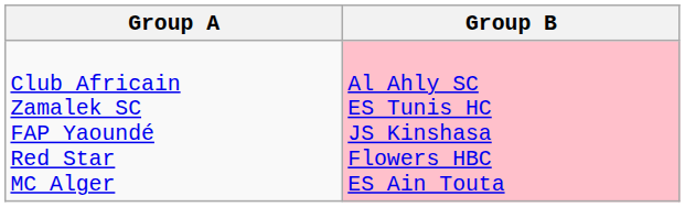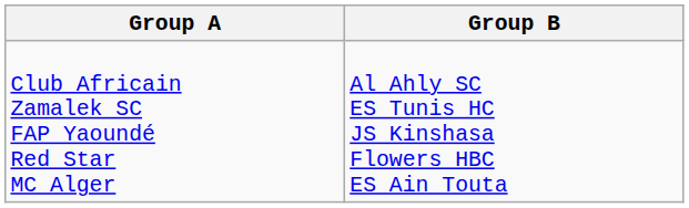 <table class="wikitable">
 <tr>
 <th width=195px>Group A</th>
 <th width=195px>Group B</th>
 </tr>
 <tr>
 <td valign=top><br> <a href='#'>Club Africain</a><br>  <a href='#'>Zamalek SC</a><br>  <a href='#'>FAP Yaoundé</a><br>  <a href='#'>Red Star</a><br>  <a href='#'>MC Alger</a></td>
-<td valign=top style="background: pink;"><br> <a href='#'>Al Ahly SC</a><br>  <a href='#'>ES Tunis HC</a> <br>  <a href='#'>JS Kinshasa</a><br>  <a href='#'>Flowers HBC</a><br>  <a href='#'>ES Ain Touta</a></td>
+<td valign=top><br> <a href='#'>Al Ahly SC</a><br>  <a href='#'>ES Tunis HC</a> <br>  <a href='#'>JS Kinshasa</a><br>  <a href='#'>Flowers HBC</a><br>  <a href='#'>ES Ain Touta</a></td>
 </tr>
 </table>
